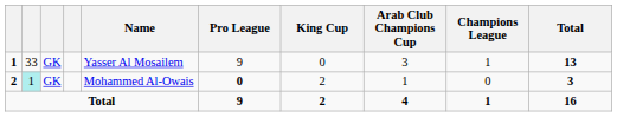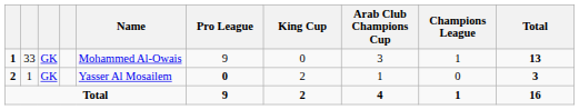 <table class="wikitable" style="text-align:center">
 <tr>
 <th width=15></th>
 <th width=15></th>
 <th width=15></th>
 <th width=15></th>
 <th width=145>Name</th>
 <th width=100>Pro League</th>
 <th width=100>King Cup</th>
 <th width=100>Arab Club Champions Cup</th>
 <th width=100>Champions League</th>
 <th width=100>Total</th>
 </tr>
 <tr>
 <td><strong>1</strong></td>
 <td>33</td>
 <td><a href='#'>GK</a></td>
 <td></td>
-<td align=left><a href='#'>Yasser Al Mosailem</a></td>
+<td align=left><a href='#'>Mohammed Al-Owais</a></td>
 <td>9</td>
 <td>0</td>
 <td>3</td>
 <td>1</td>
 <td><strong>13</strong></td>
 </tr>
 <tr>
 <td><strong>2</strong></td>
-<td style="background: paleturquoise;">1</td>
+<td>1</td>
 <td><a href='#'>GK</a></td>
 <td></td>
-<td align=left><a href='#'>Mohammed Al-Owais</a></td>
+<td align=left><a href='#'>Yasser Al Mosailem</a></td>
 <td><strong>0</strong></td>
 <td>2</td>
 <td>1</td>
 <td>0</td>
 <td><strong>3</strong></td>
 </tr>
 <tr>
 <td colspan=5><strong>Total</strong></td>
 <td><strong>9</strong></td>
 <td><strong>2</strong></td>
 <td><strong>4</strong></td>
 <td><strong>1</strong></td>
 <td><strong>16</strong></td>
 </tr>
 </table>
